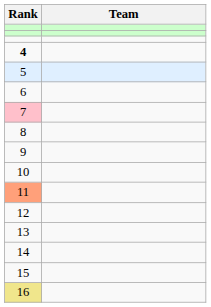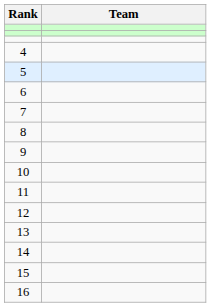 <table class="wikitable" style="text-align:center">
 <tr>
 <th width=40>Rank</th>
 <th width=200>Team</th>
 </tr>
 <tr bgcolor=#ccffcc>
 <td></td>
 <td style="text-align:left"></td>
 </tr>
 <tr bgcolor=#ccffcc>
 <td></td>
 <td style="text-align:left"></td>
 </tr>
 <tr>
 <td></td>
 <td style="text-align:left"></td>
 </tr>
 <tr>
-<td><strong>4</strong></td>
+<td>4</td>
 <td style="text-align:left"></td>
 </tr>
 <tr bgcolor=#dfefff>
 <td>5</td>
 <td style="text-align:left"></td>
 </tr>
 <tr>
 <td>6</td>
 <td style="text-align:left"></td>
 </tr>
 <tr>
-<td style="background: pink;">7</td>
+<td>7</td>
 <td style="text-align:left"></td>
 </tr>
 <tr>
 <td>8</td>
 <td style="text-align:left"></td>
 </tr>
 <tr>
 <td>9</td>
 <td style="text-align:left"></td>
 </tr>
 <tr>
 <td>10</td>
 <td style="text-align:left"></td>
 </tr>
 <tr>
-<td style="background: lightsalmon;">11</td>
+<td>11</td>
 <td style="text-align:left"></td>
 </tr>
 <tr>
 <td>12</td>
 <td style="text-align:left"></td>
 </tr>
 <tr>
 <td>13</td>
 <td style="text-align:left"></td>
 </tr>
 <tr>
 <td>14</td>
 <td style="text-align:left"></td>
 </tr>
 <tr>
 <td>15</td>
 <td style="text-align:left"></td>
 </tr>
 <tr>
-<td style="background: khaki;">16</td>
+<td>16</td>
 <td style="text-align:left"></td>
 </tr>
 </table>
